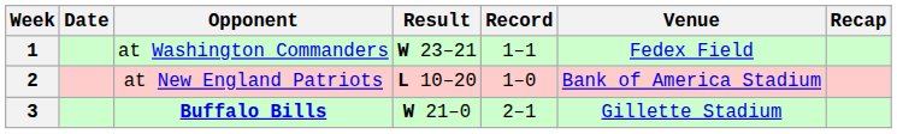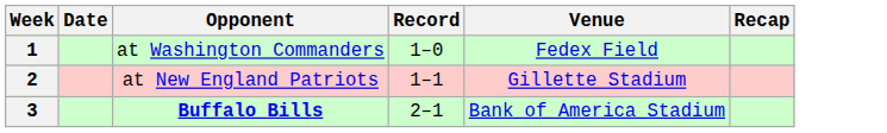 <table class="wikitable" style="text-align:center">
 <tr>
 <th>Week</th>
 <th>Date</th>
 <th>Opponent</th>
-<th>Result</th>
 <th>Record</th>
 <th>Venue</th>
 <th>Recap</th>
 </tr>
 <tr style="background:#cfc">
 <th>1</th>
 <td></td>
 <td>at <a href='#'>Washington Commanders</a></td>
-<td><strong>W</strong> 23–21</td>
-<td>1–1</td>
+<td>1–0</td>
 <td><a href='#'>Fedex Field</a></td>
 <td></td>
 </tr>
 <tr style="background:#fcc">
 <th>2</th>
 <td></td>
 <td>at <a href='#'>New England Patriots</a></td>
-<td><strong>L</strong> 10–20</td>
-<td>1–0</td>
-<td><a href='#'>Bank of America Stadium</a></td>
+<td>1–1</td>
+<td><a href='#'>Gillette Stadium</a></td>
 <td></td>
 </tr>
 <tr style="background:#cfc">
 <th>3</th>
 <td></td>
 <td><strong><a href='#'>Buffalo Bills</a></strong></td>
-<td><strong>W</strong> 21–0</td>
 <td>2–1</td>
-<td><a href='#'>Gillette Stadium</a></td>
+<td><a href='#'>Bank of America Stadium</a></td>
 <td></td>
 </tr>
 </table>
